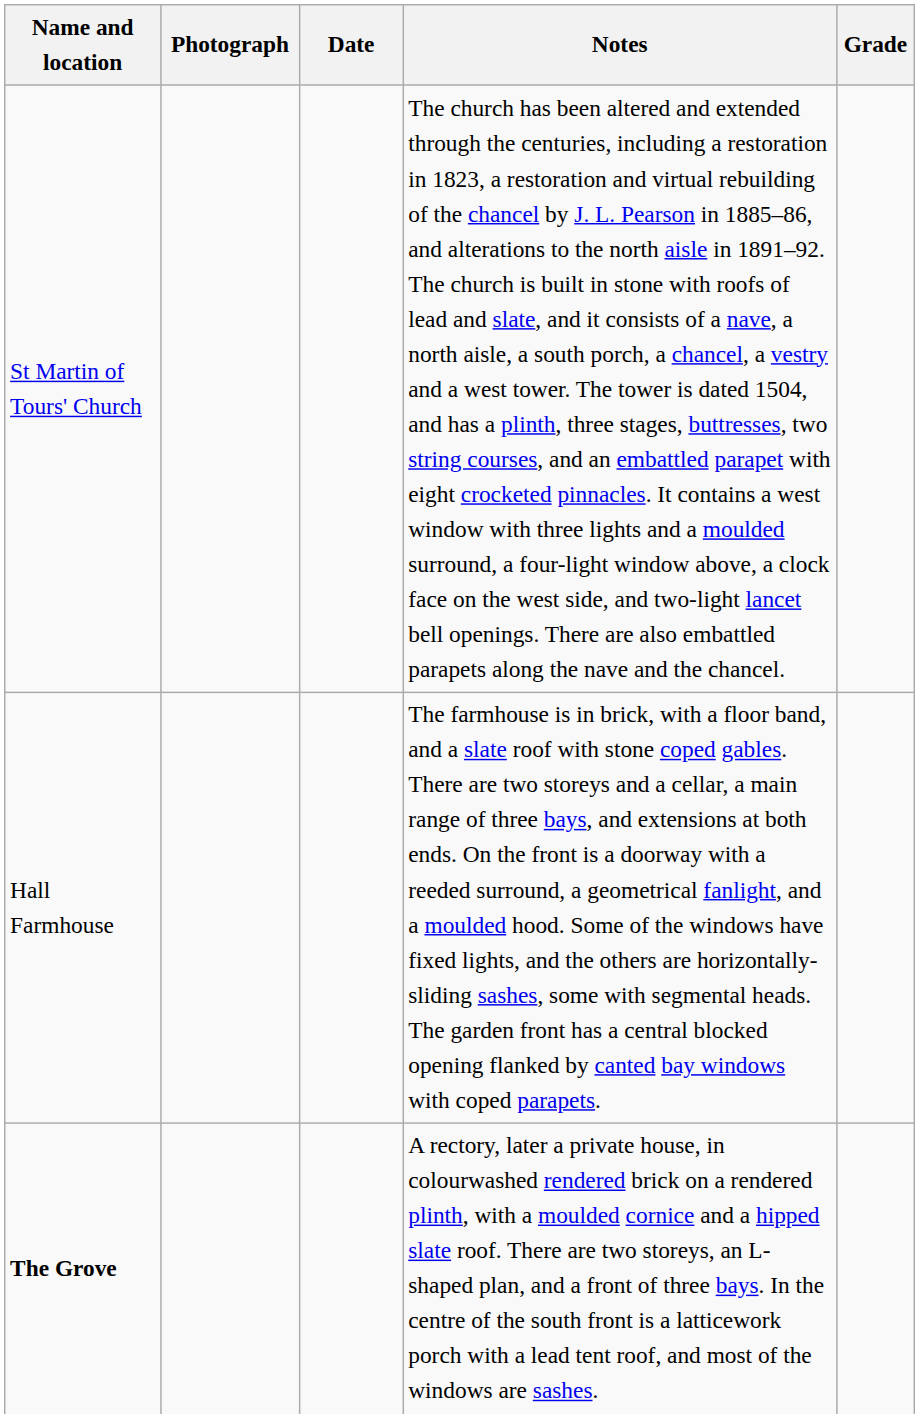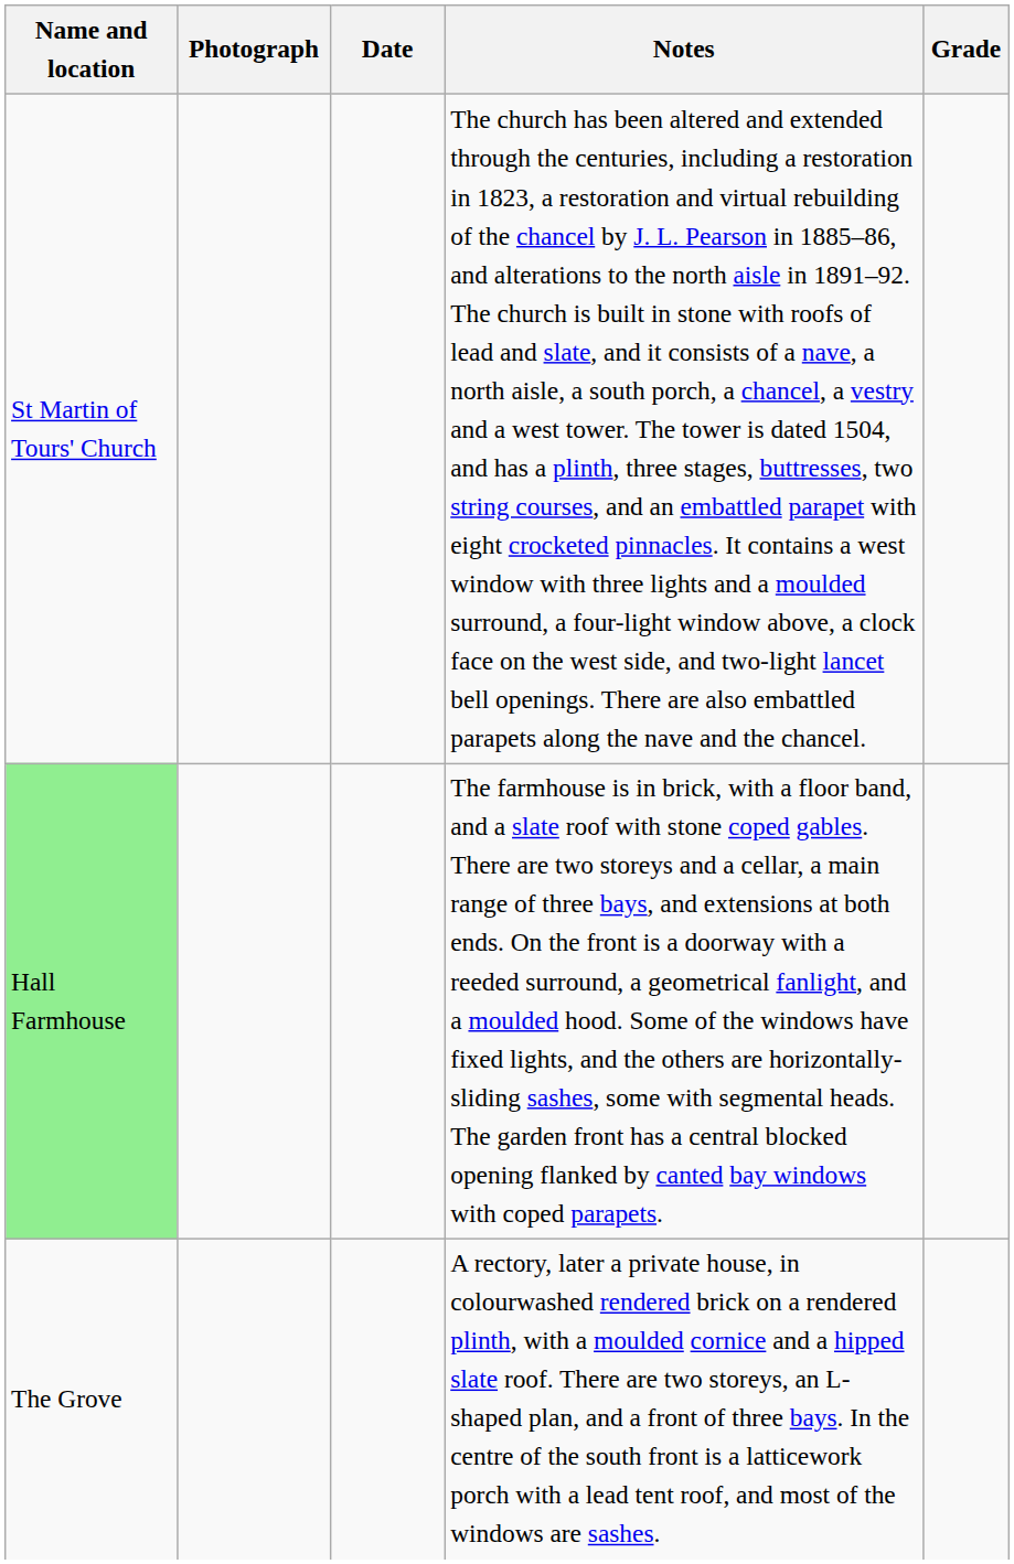 <table class="wikitable sortable plainrowheaders" style="width:100%; border:0px; text-align:left; line-height:150%">
 <tr>
 <th scope="col"  style="width:150px">Name and location</th>
 <th scope="col"  style="width:100px" class="unsortable">Photograph</th>
 <th scope="col"  style="width:120px">Date</th>
 <th scope="col"  style="width:650px" class="unsortable">Notes</th>
 <th scope="col"  style="width:50px">Grade</th>
 </tr>
 <tr>
 <td><a href='#'>St Martin of Tours' Church</a><br><small></small></td>
 <td></td>
 <td align="center"></td>
 <td>The church has been altered and extended through the centuries, including a restoration in 1823, a restoration and virtual rebuilding of the <a href='#'>chancel</a> by <a href='#'>J. L. Pearson</a> in 1885–86, and alterations to the north <a href='#'>aisle</a> in 1891–92.  The church is built in stone with roofs of lead and <a href='#'>slate</a>, and it consists of a <a href='#'>nave</a>, a north aisle, a south porch, a <a href='#'>chancel</a>, a <a href='#'>vestry</a> and a west tower.  The tower is dated 1504, and has a <a href='#'>plinth</a>, three stages, <a href='#'>buttresses</a>, two <a href='#'>string courses</a>, and an <a href='#'>embattled</a> <a href='#'>parapet</a> with eight <a href='#'>crocketed</a> <a href='#'>pinnacles</a>.  It contains a west window with three lights and a <a href='#'>moulded</a> surround, a four-light window above, a clock face on the west side, and two-light <a href='#'>lancet</a> bell openings.  There are also embattled parapets along the nave and the chancel.</td>
 <td align="center" ></td>
 </tr>
 <tr>
-<td>Hall Farmhouse<br><small></small></td>
+<td style="background: lightgreen;">Hall Farmhouse<br><small></small></td>
 <td></td>
 <td align="center"></td>
 <td>The farmhouse is in brick, with a floor band, and a <a href='#'>slate</a> roof with stone <a href='#'>coped</a> <a href='#'>gables</a>.  There are two storeys and a cellar, a main range of three <a href='#'>bays</a>, and extensions at both ends.  On the front is a doorway with a reeded surround, a geometrical <a href='#'>fanlight</a>, and a <a href='#'>moulded</a> hood.  Some of the windows have fixed lights, and the others are horizontally-sliding <a href='#'>sashes</a>, some with segmental heads.  The garden front has a central blocked opening flanked by <a href='#'>canted</a> <a href='#'>bay windows</a> with coped <a href='#'>parapets</a>.</td>
 <td align="center" ></td>
 </tr>
 <tr>
-<td><strong>The Grove<br><small></small></strong></td>
+<td>The Grove<br><small></small></td>
 <td></td>
 <td align="center"></td>
 <td>A rectory, later a private house, in colourwashed <a href='#'>rendered</a> brick on a rendered <a href='#'>plinth</a>, with a <a href='#'>moulded</a> <a href='#'>cornice</a> and a <a href='#'>hipped</a> <a href='#'>slate</a> roof.  There are two storeys, an L-shaped plan, and a front of three <a href='#'>bays</a>.  In the centre of the south front is a latticework porch with a lead tent roof, and most of the windows are <a href='#'>sashes</a>.</td>
 <td align="center" ></td>
 </tr>
 <tr>
 </tr>
 </table>
